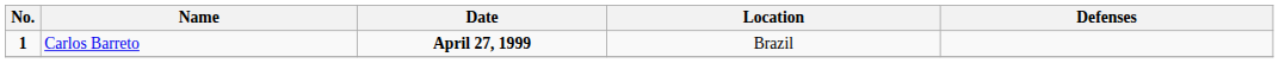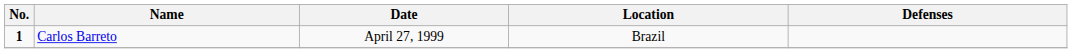 <table class="wikitable"  style="width:99%; text-align:center;">
 <tr>
 <th style="width:1%;">No.</th>
 <th style="width:19%;">Name</th>
 <th style="width:15%;">Date</th>
 <th style="width:20%;">Location</th>
 <th style="width:20%;">Defenses</th>
 </tr>
 <tr>
 <td align=center><strong>1</strong></td>
 <td align="left"> <a href='#'>Carlos Barreto</a><br></td>
-<td><strong>April 27, 1999<br></strong></td>
+<td>April 27, 1999<br></td>
 <td>Brazil</td>
 <td></td>
 </tr>
 <tr>
 </tr>
 </table>
